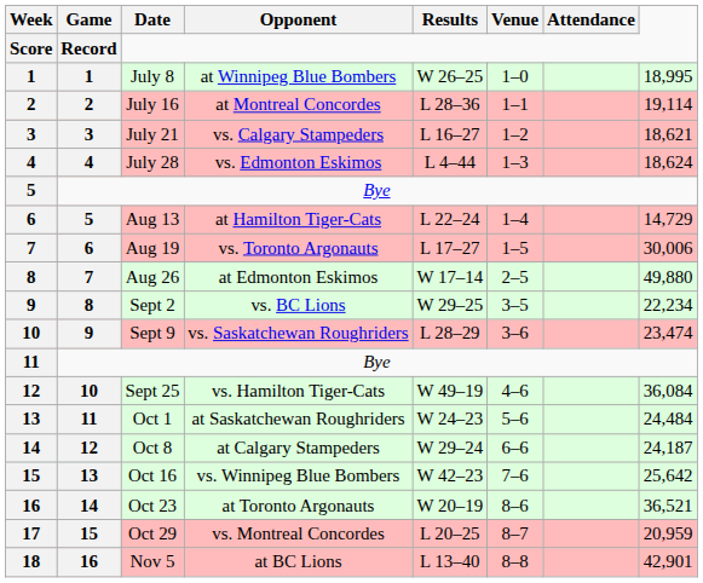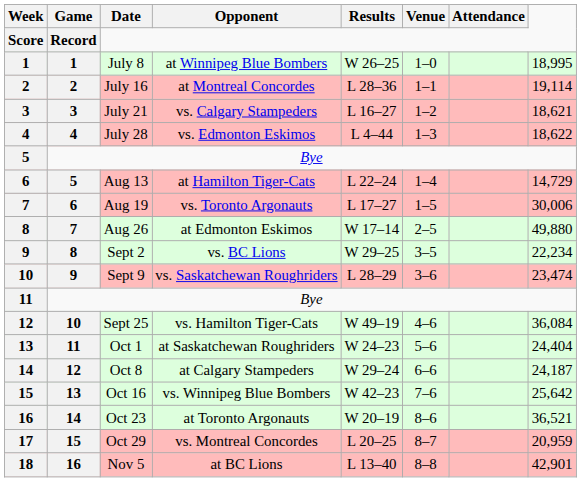 <table class="wikitable" style="text-align:center">
 <tr>
 <th>Week</th>
 <th>Game</th>
 <th>Date</th>
 <th>Opponent</th>
 <th>Results</th>
 <th>Venue</th>
 <th>Attendance</th>
 </tr>
 <tr>
 <th>Score</th>
 <th>Record</th>
 </tr>
 <tr style="background:#ddffdd">
 <th>1</th>
 <th>1</th>
 <td>July 8</td>
 <td>at <a href='#'>Winnipeg Blue Bombers</a></td>
 <td>W 26–25</td>
 <td>1–0</td>
 <td></td>
 <td>18,995</td>
 </tr>
 <tr style="background:#ffbbbb">
 <th>2</th>
 <th>2</th>
 <td>July 16</td>
 <td>at <a href='#'>Montreal Concordes</a></td>
 <td>L 28–36</td>
 <td>1–1</td>
 <td></td>
 <td>19,114</td>
 </tr>
 <tr style="background:#ffbbbb">
 <th>3</th>
 <th>3</th>
 <td>July 21</td>
 <td>vs. <a href='#'>Calgary Stampeders</a></td>
 <td>L 16–27</td>
 <td>1–2</td>
 <td></td>
 <td>18,621</td>
 </tr>
 <tr style="background:#ffbbbb">
 <th>4</th>
 <th>4</th>
 <td>July 28</td>
 <td>vs. <a href='#'>Edmonton Eskimos</a></td>
 <td>L 4–44</td>
 <td>1–3</td>
 <td></td>
-<td>18,624</td>
+<td>18,622</td>
 </tr>
 <tr>
 <th>5</th>
 <td colspan=7><em><a href='#'>Bye</a></em></td>
 </tr>
 <tr style="background:#ffbbbb">
 <th>6</th>
 <th>5</th>
 <td>Aug 13</td>
 <td>at <a href='#'>Hamilton Tiger-Cats</a></td>
 <td>L 22–24</td>
 <td>1–4</td>
 <td></td>
 <td>14,729</td>
 </tr>
 <tr style="background:#ffbbbb">
 <th>7</th>
 <th>6</th>
 <td>Aug 19</td>
 <td>vs. <a href='#'>Toronto Argonauts</a></td>
 <td>L 17–27</td>
 <td>1–5</td>
 <td></td>
 <td>30,006</td>
 </tr>
 <tr style="background:#ddffdd">
 <th>8</th>
 <th>7</th>
 <td>Aug 26</td>
 <td>at Edmonton Eskimos</td>
 <td>W 17–14</td>
 <td>2–5</td>
 <td></td>
 <td>49,880</td>
 </tr>
 <tr style="background:#ddffdd">
 <th>9</th>
 <th>8</th>
 <td>Sept 2</td>
 <td>vs. <a href='#'>BC Lions</a></td>
 <td>W 29–25</td>
 <td>3–5</td>
 <td></td>
 <td>22,234</td>
 </tr>
 <tr style="background:#ffbbbb">
 <th>10</th>
 <th>9</th>
 <td>Sept 9</td>
 <td>vs. <a href='#'>Saskatchewan Roughriders</a></td>
 <td>L 28–29</td>
 <td>3–6</td>
 <td></td>
 <td>23,474</td>
 </tr>
 <tr>
 <th>11</th>
 <td colspan=7><em>Bye</em></td>
 </tr>
 <tr style="background:#ddffdd">
 <th>12</th>
 <th>10</th>
 <td>Sept 25</td>
 <td>vs. Hamilton Tiger-Cats</td>
 <td>W 49–19</td>
 <td>4–6</td>
 <td></td>
 <td>36,084</td>
 </tr>
 <tr style="background:#ddffdd">
 <th>13</th>
 <th>11</th>
 <td>Oct 1</td>
 <td>at Saskatchewan Roughriders</td>
 <td>W 24–23</td>
 <td>5–6</td>
 <td></td>
-<td>24,484</td>
+<td>24,404</td>
 </tr>
 <tr style="background:#ddffdd">
 <th>14</th>
 <th>12</th>
 <td>Oct 8</td>
 <td>at Calgary Stampeders</td>
 <td>W 29–24</td>
 <td>6–6</td>
 <td></td>
 <td>24,187</td>
 </tr>
 <tr style="background:#ddffdd">
 <th>15</th>
 <th>13</th>
 <td>Oct 16</td>
 <td>vs. Winnipeg Blue Bombers</td>
 <td>W 42–23</td>
 <td>7–6</td>
 <td></td>
 <td>25,642</td>
 </tr>
 <tr style="background:#ddffdd">
 <th>16</th>
 <th>14</th>
 <td>Oct 23</td>
 <td>at Toronto Argonauts</td>
 <td>W 20–19</td>
 <td>8–6</td>
 <td></td>
 <td>36,521</td>
 </tr>
 <tr style="background:#ffbbbb">
 <th>17</th>
 <th>15</th>
 <td>Oct 29</td>
 <td>vs. Montreal Concordes</td>
 <td>L 20–25</td>
 <td>8–7</td>
 <td></td>
 <td>20,959</td>
 </tr>
 <tr style="background:#ffbbbb">
 <th>18</th>
 <th>16</th>
 <td>Nov 5</td>
 <td>at BC Lions</td>
 <td>L 13–40</td>
 <td>8–8</td>
 <td></td>
 <td>42,901</td>
 </tr>
 </table>
